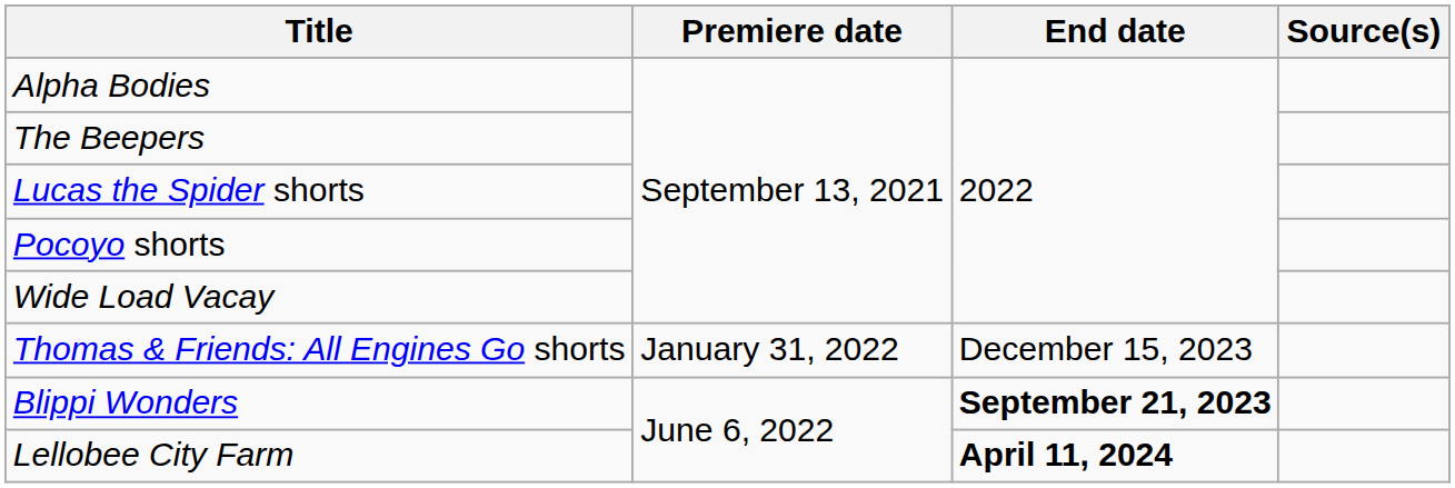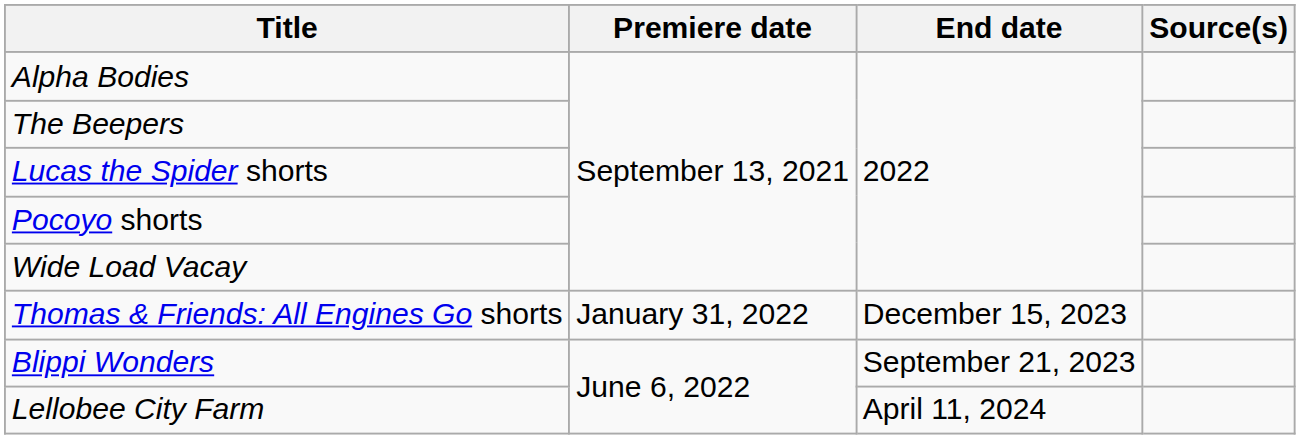 <table class="wikitable sortable">
 <tr>
 <th>Title</th>
 <th>Premiere date</th>
 <th>End date</th>
 <th>Source(s)</th>
 </tr>
 <tr>
 <td><em>Alpha Bodies</em></td>
 <td rowspan=5>September 13, 2021</td>
 <td rowspan=5>2022</td>
 <td></td>
 </tr>
 <tr>
 <td><em>The Beepers</em></td>
 <td></td>
 </tr>
 <tr>
 <td><em><a href='#'>Lucas the Spider</a></em> shorts</td>
 <td></td>
 </tr>
 <tr>
 <td><em><a href='#'>Pocoyo</a></em> shorts</td>
 <td></td>
 </tr>
 <tr>
 <td><em>Wide Load Vacay</em></td>
 <td></td>
 </tr>
 <tr>
 <td><em><a href='#'>Thomas & Friends: All Engines Go</a></em> shorts</td>
 <td>January 31, 2022</td>
 <td>December 15, 2023</td>
 <td></td>
 </tr>
 <tr>
 <td><em><a href='#'>Blippi Wonders</a></em></td>
 <td rowspan=2>June 6, 2022</td>
-<td><strong>September 21, 2023</strong></td>
+<td>September 21, 2023</td>
 <td></td>
 </tr>
 <tr>
 <td><em>Lellobee City Farm</em></td>
-<td><strong>April 11, 2024</strong></td>
+<td>April 11, 2024</td>
 <td></td>
 </tr>
 </table>
